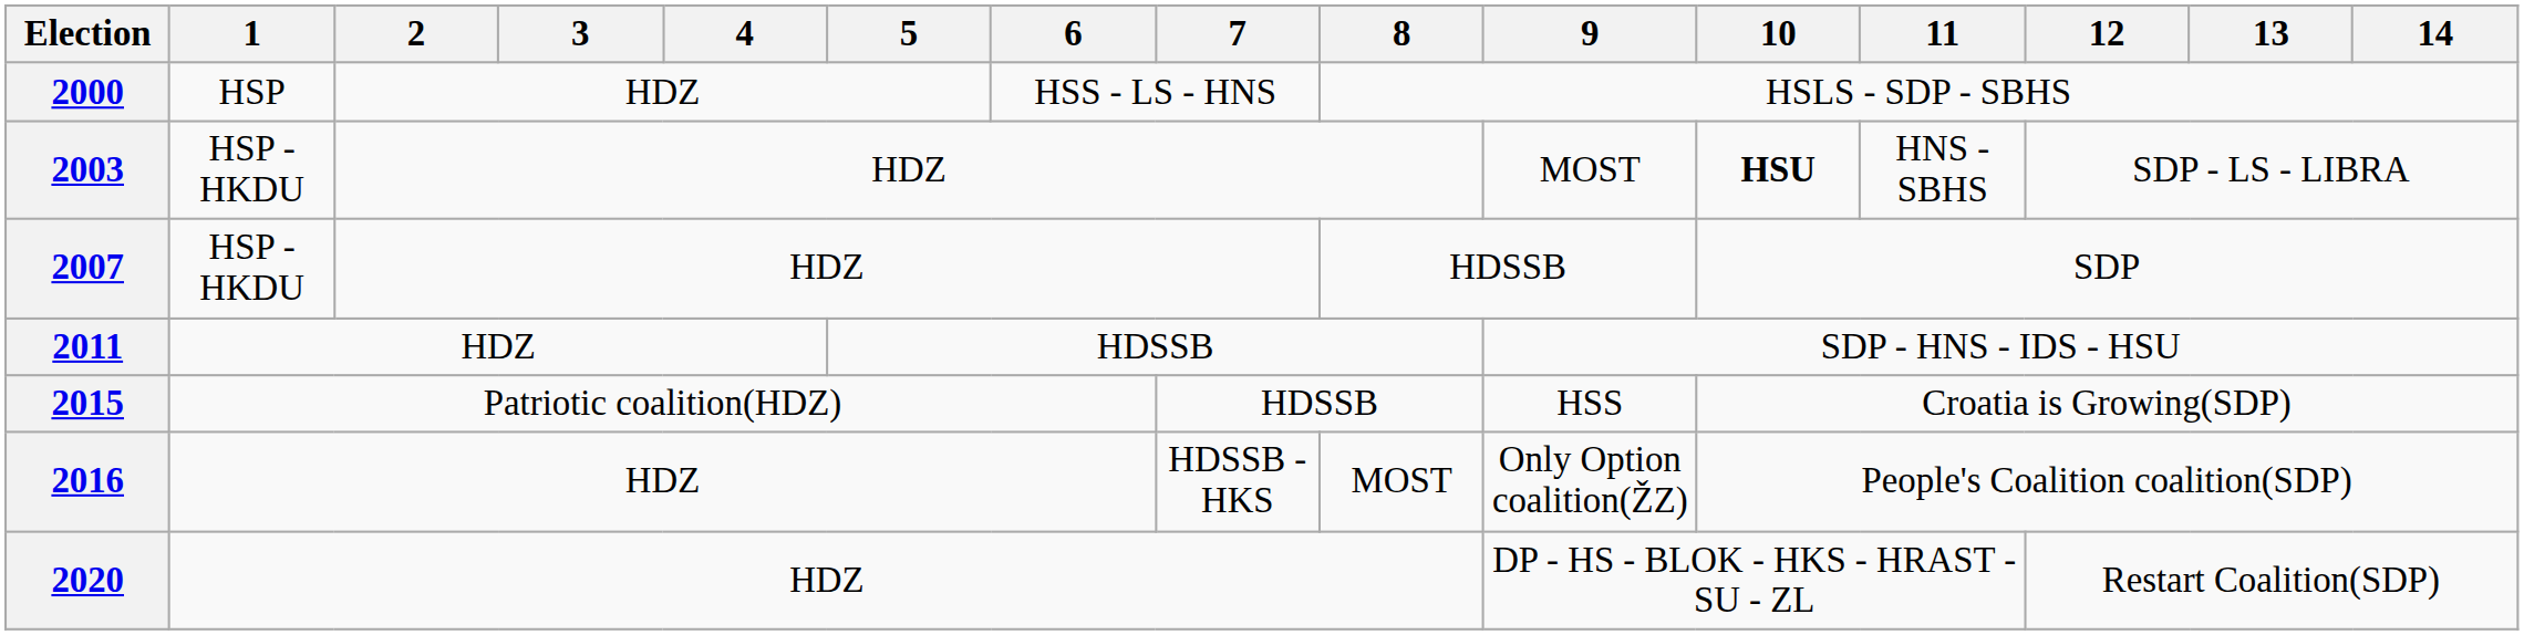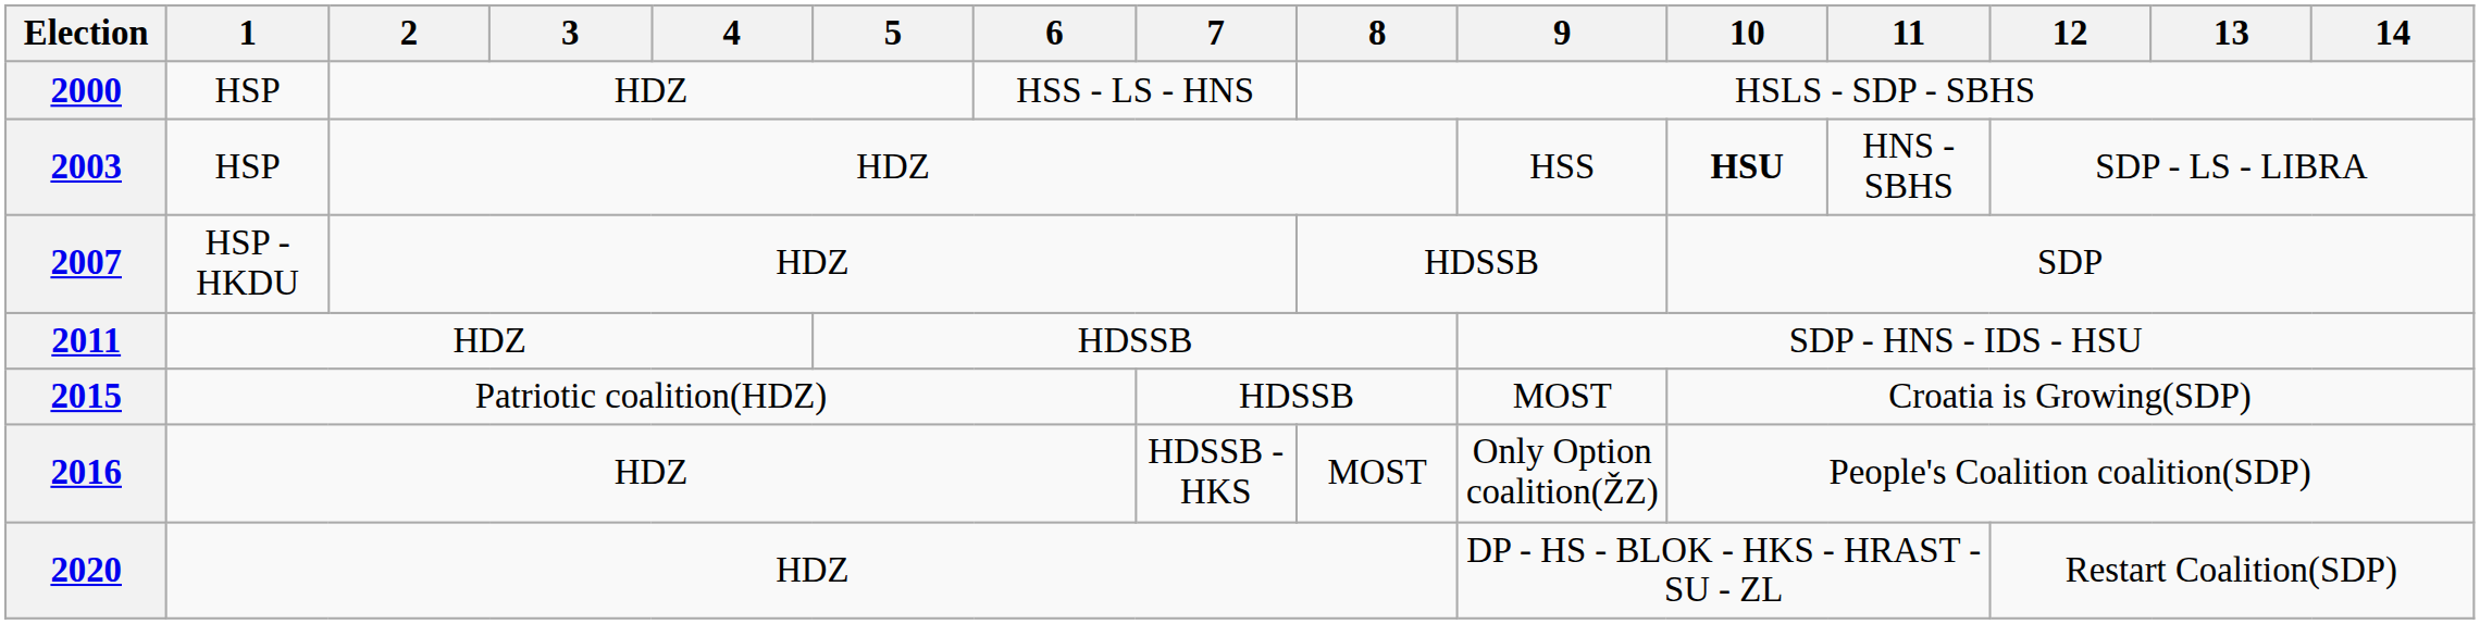 <table class=wikitable style="text-align: center;">
 <tr>
 <th style="width: 65px;">Election</th>
 <th style="width: 65px;">1</th>
 <th style="width: 65px;">2</th>
 <th style="width: 65px;">3</th>
 <th style="width: 65px;">4</th>
 <th style="width: 65px;">5</th>
 <th style="width: 65px;">6</th>
 <th style="width: 65px;">7</th>
 <th style="width: 65px;">8</th>
 <th style="width: 65px;">9</th>
 <th style="width: 65px;">10</th>
 <th style="width: 65px;">11</th>
 <th style="width: 65px;">12</th>
 <th style="width: 65px;">13</th>
 <th style="width: 65px;">14</th>
 </tr>
 <tr>
 <th><a href='#'>2000</a></th>
 <td style="background:">HSP</td>
 <td colspan=4 style="background:">HDZ</td>
 <td colspan=2 style="background:">HSS - LS - HNS</td>
 <td colspan=7 style="background:">HSLS - SDP - SBHS</td>
 </tr>
 <tr>
 <th><a href='#'>2003</a></th>
-<td style="background:">HSP - HKDU</td>
+<td style="background:">HSP</td>
 <td colspan=7 style="background:">HDZ</td>
-<td style="background:">MOST</td>
+<td style="background:">HSS</td>
 <td style="background:"><strong>HSU</strong></td>
 <td style="background:">HNS - SBHS</td>
 <td colspan=3 style="background:">SDP - LS - LIBRA</td>
 </tr>
 <tr>
 <th><a href='#'>2007</a></th>
 <td style="background:">HSP - HKDU</td>
 <td colspan=6 style="background:">HDZ</td>
 <td colspan=2 style="background:">HDSSB</td>
 <td colspan=5 style="background:">SDP</td>
 </tr>
 <tr>
 <th><a href='#'>2011</a></th>
 <td colspan=4 style="background:">HDZ</td>
 <td colspan=4 style="background:">HDSSB</td>
 <td colspan=6 style="background:">SDP - HNS - IDS - HSU</td>
 </tr>
 <tr>
 <th><a href='#'>2015</a></th>
 <td colspan=6 style="background:">Patriotic coalition(HDZ)</td>
 <td colspan=2 style="background:">HDSSB</td>
-<td style="background:">HSS</td>
+<td style="background:">MOST</td>
 <td colspan=5 style="background:">Croatia is Growing(SDP)</td>
 </tr>
 <tr>
 <th><a href='#'>2016</a></th>
 <td colspan=6 style="background:">HDZ</td>
 <td style="background:">HDSSB - HKS</td>
 <td style="background:">MOST</td>
 <td style="background:">Only Option coalition(ŽZ)</td>
 <td colspan=5 style="background:">People's Coalition coalition(SDP)</td>
 </tr>
 <tr>
 <th><a href='#'>2020</a></th>
 <td colspan=8 style="background:">HDZ</td>
 <td colspan=3 style="background:">DP - HS - BLOK - HKS - HRAST - SU - ZL</td>
 <td colspan=3 style="background:">Restart Coalition(SDP)</td>
 </tr>
 </table>
